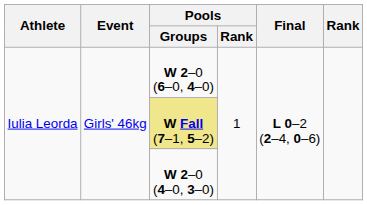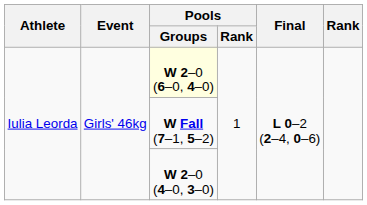 <table class="wikitable" style="text-align:left; font-size:90%">
 <tr>
 <th rowspan="2">Athlete</th>
 <th rowspan="2">Event</th>
 <th colspan="2">Pools</th>
 <th rowspan="2">Final</th>
 <th rowspan="2">Rank</th>
 </tr>
 <tr>
 <th>Groups</th>
 <th>Rank</th>
 </tr>
 <tr>
 <td rowspan="3"><a href='#'>Iulia Leorda</a></td>
 <td rowspan="3"><a href='#'>Girls' 46kg</a></td>
-<td align=center><br><strong>W</strong> <strong>2</strong>–0<br>(<strong>6</strong>–0, <strong>4</strong>–0)</td>
+<td align=center style="background: lightyellow;"><br><strong>W</strong> <strong>2</strong>–0<br>(<strong>6</strong>–0, <strong>4</strong>–0)</td>
 <td rowspan="3" align=center>1</td>
 <td align=center rowspan=3><br><strong>L</strong> <strong>0</strong>–2<br>(<strong>2</strong>–4, <strong>0</strong>–6)</td>
 <td rowspan="3" align="center"></td>
 </tr>
 <tr>
-<td align=center style="background: khaki;"><br><strong>W</strong> <strong><a href='#'>Fall</a></strong><br>(<strong>7</strong>–1, <strong>5</strong>–2)</td>
+<td align=center><br><strong>W</strong> <strong><a href='#'>Fall</a></strong><br>(<strong>7</strong>–1, <strong>5</strong>–2)</td>
 </tr>
 <tr>
 <td align=center><br><strong>W</strong> <strong>2</strong>–0<br>(<strong>4</strong>–0, <strong>3</strong>–0)</td>
 </tr>
 </table>
